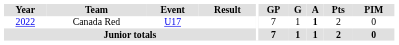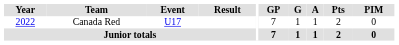 <table border="0" cellpadding="1" cellspacing="0" ID="Table3" style="text-align:center; width:40em">
 <tr bgcolor="#e0e0e0">
 <th>Year</th>
 <th>Team</th>
 <th>Event</th>
 <th>Result</th>
 <th rowspan="99" bgcolor="#ffffff"></th>
 <th>GP</th>
 <th>G</th>
 <th>A</th>
 <th>Pts</th>
 <th>PIM</th>
 </tr>
 <tr>
 <td><a href='#'>2022</a></td>
 <td>Canada Red</td>
 <td><a href='#'>U17</a></td>
 <td></td>
 <td>7</td>
 <td>1</td>
-<td><strong>1</strong></td>
+<td>1</td>
 <td>2</td>
 <td>0</td>
 </tr>
 <tr bgcolor="#e0e0e0">
 <th colspan="4">Junior totals</th>
 <th>7</th>
 <th>1</th>
 <th>1</th>
 <th>2</th>
 <th>0</th>
 </tr>
 </table>
